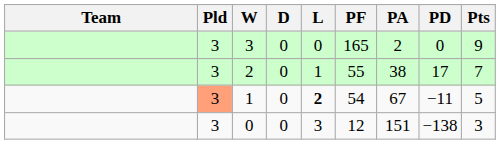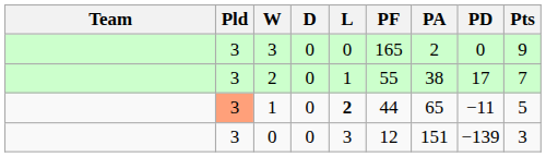 <table class="wikitable" style="text-align:center;">
 <tr>
 <th width=175>Team</th>
 <th width=25 abbr="Played">Pld</th>
 <th width=25 abbr="Won">W</th>
 <th width=25 abbr="Drawn">D</th>
 <th width=25 abbr="Lost">L</th>
 <th width=32 abbr="Points for">PF</th>
 <th width=32 abbr="Points against">PA</th>
 <th width=32 abbr="Points difference">PD</th>
 <th width=25 abbr="Points">Pts</th>
 </tr>
 <tr bgcolor="#ccffcc">
 <td align=left></td>
 <td>3</td>
 <td>3</td>
 <td>0</td>
 <td>0</td>
 <td>165</td>
 <td>2</td>
 <td>0</td>
 <td>9</td>
 </tr>
 <tr bgcolor="#ccffcc">
 <td align=left></td>
 <td>3</td>
 <td>2</td>
 <td>0</td>
 <td>1</td>
 <td>55</td>
 <td>38</td>
 <td>17</td>
 <td>7</td>
 </tr>
 <tr>
 <td align=left></td>
 <td style="background: lightsalmon;">3</td>
 <td>1</td>
 <td>0</td>
 <td><strong>2</strong></td>
-<td>54</td>
-<td>67</td>
+<td>44</td>
+<td>65</td>
 <td>−11</td>
 <td>5</td>
 </tr>
 <tr>
 <td align=left></td>
 <td>3</td>
 <td>0</td>
 <td>0</td>
 <td>3</td>
 <td>12</td>
 <td>151</td>
-<td>−138</td>
+<td>−139</td>
 <td>3</td>
 </tr>
 </table>
